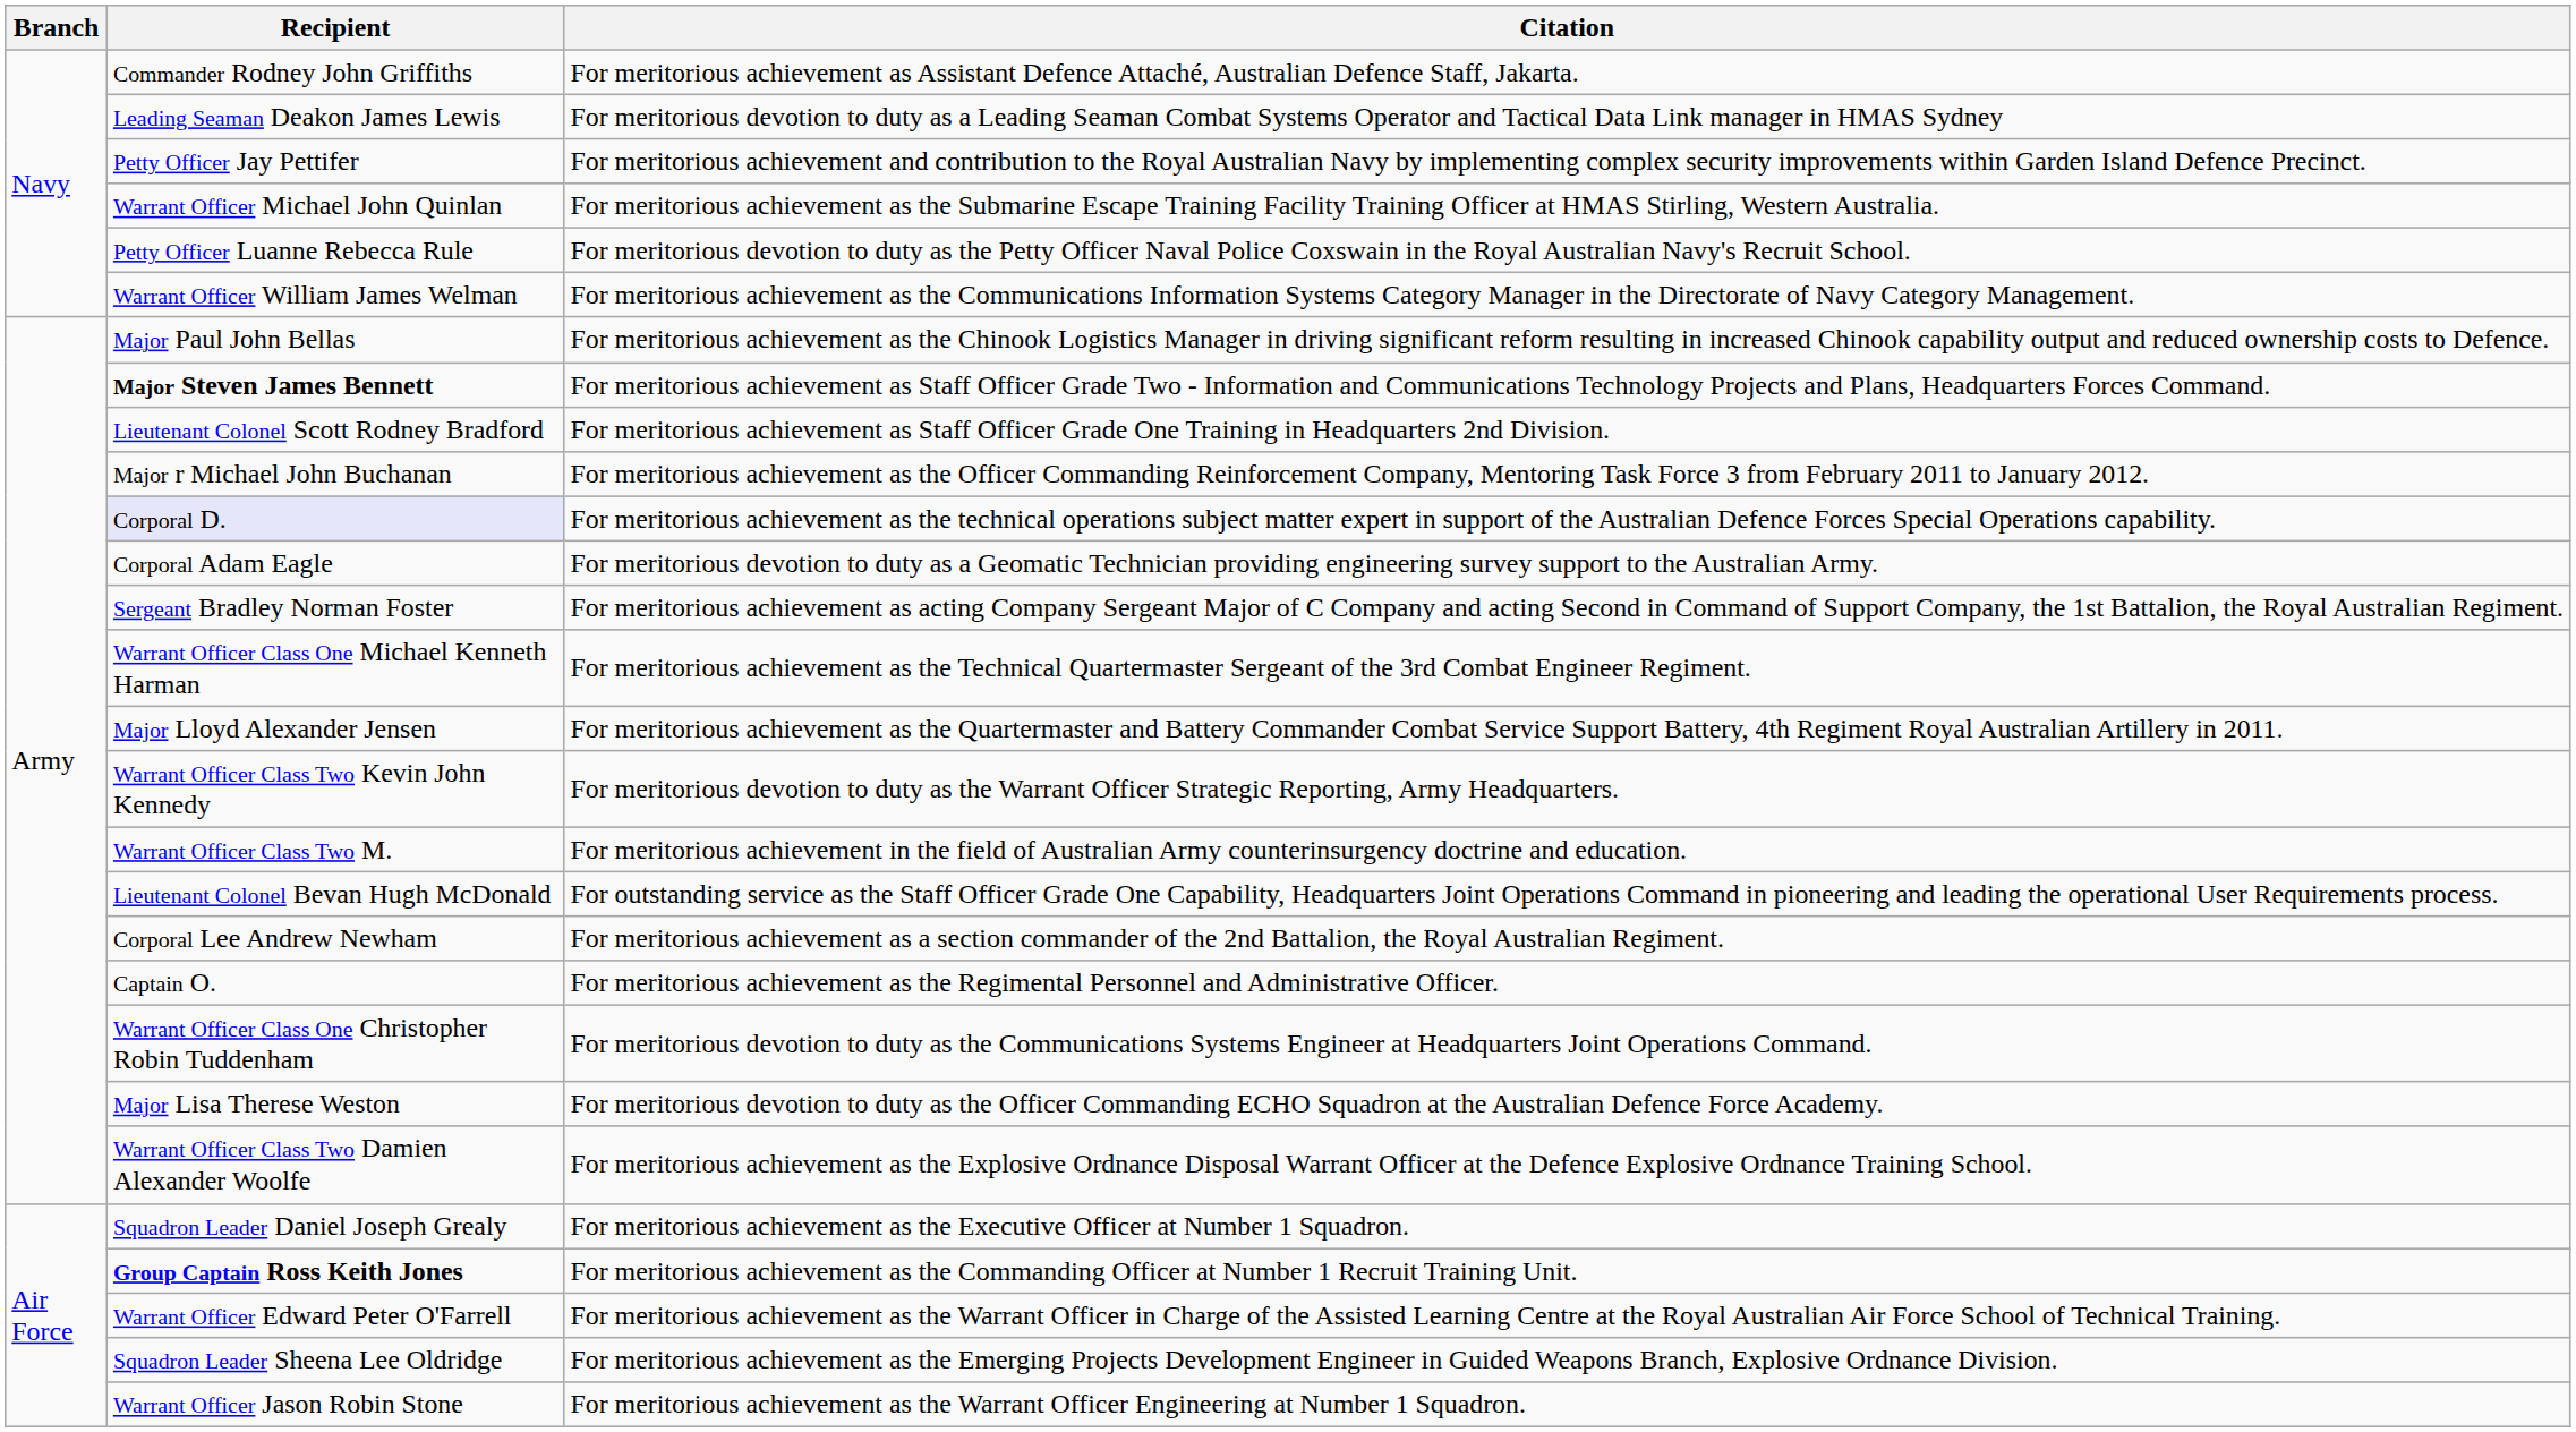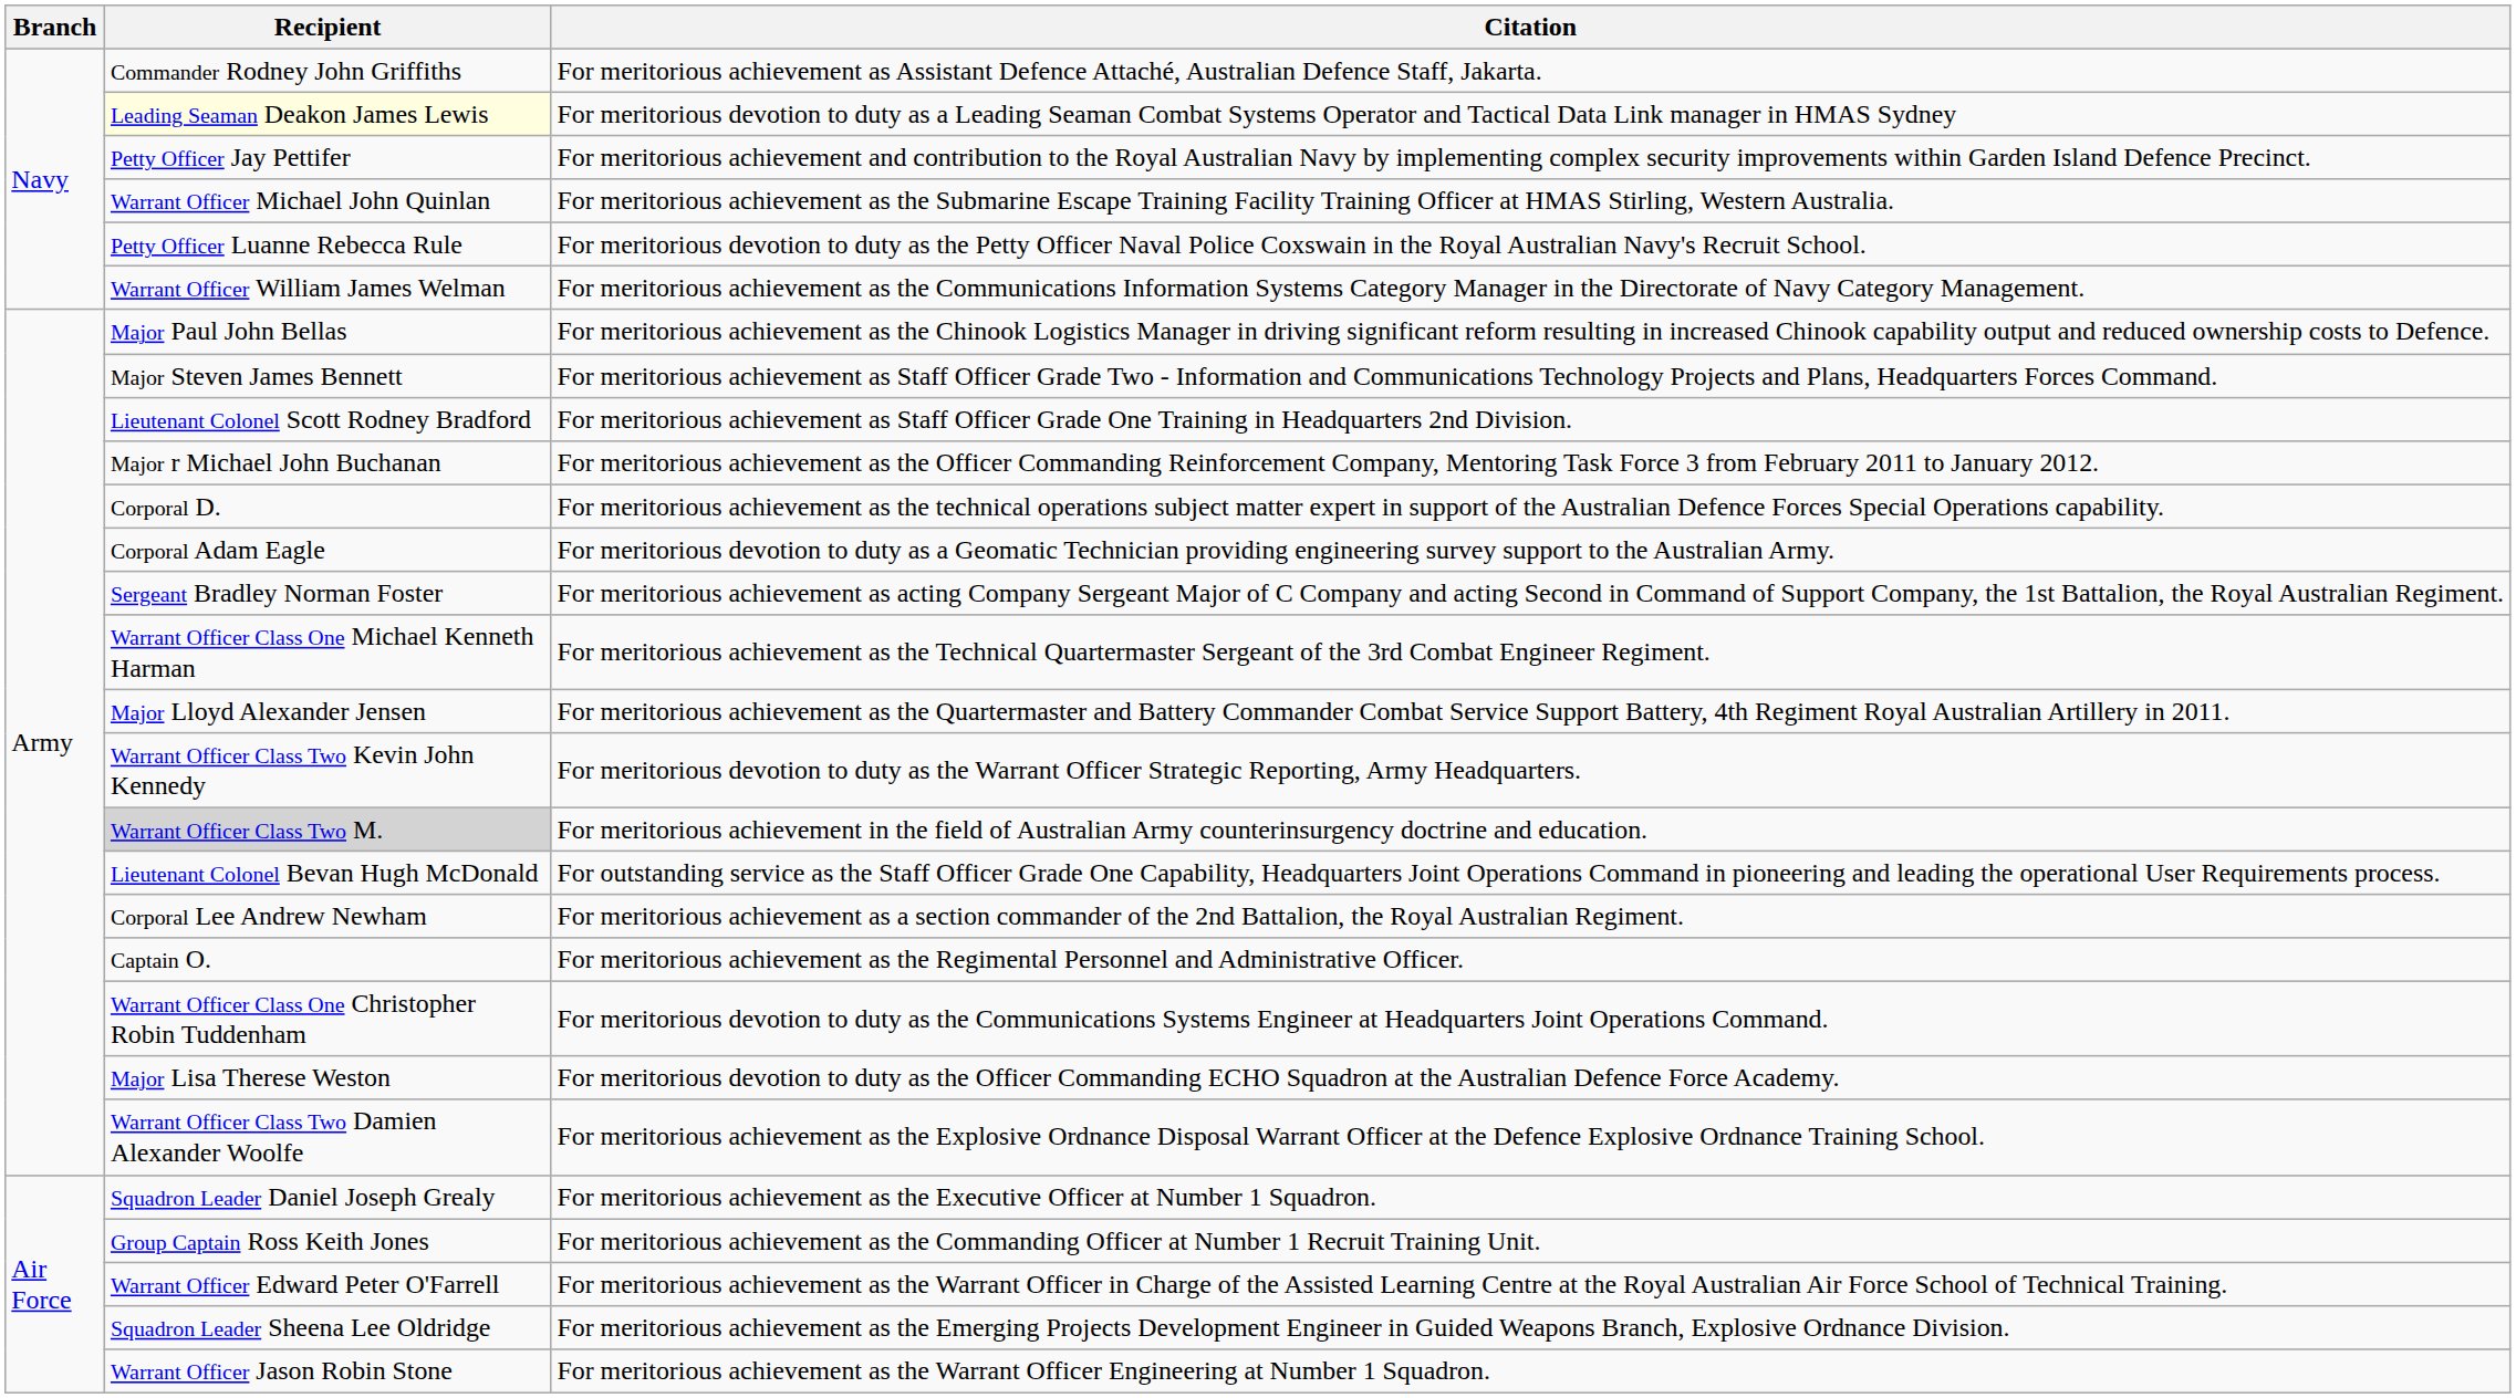 <table class="wikitable" style="font-size:95%;">
 <tr>
 <th scope="col" width="50">Branch</th>
 <th scope="col" width="250">Recipient</th>
 <th>Citation</th>
 </tr>
 <tr>
 <td rowspan="6"><a href='#'>Navy</a></td>
 <td><small>Commander</small> Rodney John Griffiths</td>
 <td>For meritorious achievement as Assistant Defence Attaché, Australian Defence Staff, Jakarta.</td>
 </tr>
 <tr>
-<td><small><a href='#'>Leading Seaman</a></small> Deakon James Lewis</td>
+<td style="background: lightyellow;"><small><a href='#'>Leading Seaman</a></small> Deakon James Lewis</td>
 <td>For meritorious devotion to duty as a  Leading Seaman Combat  Systems Operator and Tactical Data Link manager in HMAS Sydney</td>
 </tr>
 <tr>
 <td><small><a href='#'>Petty Officer</a></small> Jay Pettifer</td>
 <td>For meritorious achievement and contribution to the Royal Australian Navy by implementing complex security improvements within Garden Island Defence Precinct.</td>
 </tr>
 <tr>
 <td><small><a href='#'>Warrant Officer</a></small> Michael John Quinlan</td>
 <td>For meritorious achievement as the Submarine Escape Training Facility Training Officer at HMAS Stirling, Western Australia.</td>
 </tr>
 <tr>
 <td><small><a href='#'>Petty Officer</a></small> Luanne Rebecca Rule</td>
 <td>For meritorious devotion to duty as the Petty Officer Naval Police Coxswain in the Royal Australian Navy's Recruit School.</td>
 </tr>
 <tr>
 <td><small><a href='#'>Warrant Officer</a></small> William James Welman</td>
 <td>For meritorious achievement as the Communications Information Systems Category Manager in the Directorate of Navy Category Management.</td>
 </tr>
 <tr>
 <td rowspan="17">Army</td>
 <td><small><a href='#'>Major</a></small> Paul John Bellas</td>
 <td>For meritorious achievement as the Chinook Logistics Manager in driving significant reform resulting in increased Chinook capability output and reduced ownership costs to Defence.</td>
 </tr>
 <tr>
-<td><strong><small>Major</small> Steven James Bennett</strong></td>
+<td><small>Major</small> Steven James Bennett</td>
 <td>For meritorious achievement as Staff Officer Grade Two - Information  and Communications Technology Projects and Plans, Headquarters Forces Command.</td>
 </tr>
 <tr>
 <td><small><a href='#'>Lieutenant Colonel</a></small> Scott Rodney Bradford</td>
 <td>For meritorious achievement as Staff  Officer Grade One Training in Headquarters 2nd Division.</td>
 </tr>
 <tr>
 <td><small>Major</small> r Michael John Buchanan</td>
 <td>For meritorious achievement as the Officer Commanding Reinforcement Company, Mentoring Task Force 3 from February 2011 to January 2012.</td>
 </tr>
 <tr>
-<td style="background: lavender;"><small>Corporal</small> D.</td>
+<td><small>Corporal</small> D.</td>
 <td>For meritorious achievement as the technical operations subject matter expert in support of the Australian Defence Forces Special Operations capability.</td>
 </tr>
 <tr>
 <td><small>Corporal</small> Adam Eagle</td>
 <td>For meritorious devotion to duty as a Geomatic Technician providing engineering survey support to the Australian Army.</td>
 </tr>
 <tr>
 <td><small><a href='#'>Sergeant</a></small> Bradley Norman Foster</td>
 <td>For meritorious achievement as acting Company Sergeant Major of C Company and acting Second in Command of Support Company, the 1st Battalion, the Royal Australian Regiment.</td>
 </tr>
 <tr>
 <td><small><a href='#'>Warrant Officer Class One</a></small> Michael Kenneth Harman</td>
 <td>For meritorious achievement as the Technical Quartermaster Sergeant of the 3rd Combat Engineer Regiment.</td>
 </tr>
 <tr>
 <td><small><a href='#'>Major</a></small> Lloyd Alexander Jensen</td>
 <td>For meritorious achievement as the Quartermaster and Battery Commander Combat Service Support Battery, 4th Regiment Royal Australian Artillery in 2011.</td>
 </tr>
 <tr>
 <td><small><a href='#'>Warrant Officer Class Two</a></small> Kevin John Kennedy</td>
 <td>For meritorious devotion to duty as the Warrant Officer Strategic Reporting, Army Headquarters.</td>
 </tr>
 <tr>
-<td><small><a href='#'>Warrant Officer Class Two</a></small> M.</td>
+<td style="background: lightgrey;"><small><a href='#'>Warrant Officer Class Two</a></small> M.</td>
 <td>For meritorious achievement in the field of Australian Army counterinsurgency doctrine and education.</td>
 </tr>
 <tr>
 <td><small><a href='#'>Lieutenant Colonel</a></small> Bevan Hugh McDonald</td>
 <td>For outstanding service as the Staff Officer Grade One Capability, Headquarters Joint Operations Command in pioneering and leading the operational User Requirements process.</td>
 </tr>
 <tr>
 <td><small>Corporal</small> Lee Andrew Newham</td>
 <td>For meritorious achievement as a section commander of the 2nd Battalion, the Royal Australian Regiment.</td>
 </tr>
 <tr>
 <td><small>Captain</small> O.</td>
 <td>For meritorious achievement as the Regimental Personnel and Administrative Officer.</td>
 </tr>
 <tr>
 <td><small><a href='#'>Warrant Officer Class One</a></small> Christopher Robin Tuddenham</td>
 <td>For meritorious devotion to duty as the Communications Systems Engineer at Headquarters Joint Operations Command.</td>
 </tr>
 <tr>
 <td><small><a href='#'>Major</a></small> Lisa Therese Weston</td>
 <td>For meritorious devotion to duty as the Officer Commanding ECHO Squadron at the Australian Defence Force Academy.</td>
 </tr>
 <tr>
 <td><small><a href='#'>Warrant Officer Class Two</a></small> Damien Alexander Woolfe</td>
 <td>For meritorious achievement as the Explosive Ordnance Disposal Warrant Officer at the Defence Explosive Ordnance Training School.</td>
 </tr>
 <tr>
 <td rowspan="5"><a href='#'>Air Force</a></td>
 <td><small><a href='#'>Squadron Leader</a></small> Daniel Joseph Grealy</td>
 <td>For meritorious achievement as the Executive Officer at Number 1 Squadron.</td>
 </tr>
 <tr>
-<td><strong><small><a href='#'>Group Captain</a></small> Ross Keith Jones</strong></td>
+<td><small><a href='#'>Group Captain</a></small> Ross Keith Jones</td>
 <td>For meritorious achievement as the Commanding Officer at Number 1 Recruit Training Unit.</td>
 </tr>
 <tr>
 <td><small><a href='#'>Warrant Officer</a></small> Edward Peter O'Farrell</td>
 <td>For meritorious achievement as the Warrant Officer in Charge of the Assisted Learning Centre at the Royal Australian Air Force School of Technical Training.</td>
 </tr>
 <tr>
 <td><small><a href='#'>Squadron Leader</a></small> Sheena Lee Oldridge</td>
 <td>For meritorious achievement as the Emerging Projects Development Engineer in Guided Weapons Branch, Explosive Ordnance Division.</td>
 </tr>
 <tr>
 <td><small><a href='#'>Warrant Officer</a></small> Jason Robin Stone</td>
 <td>For meritorious achievement as the Warrant Officer Engineering at Number 1 Squadron.</td>
 </tr>
 </table>
